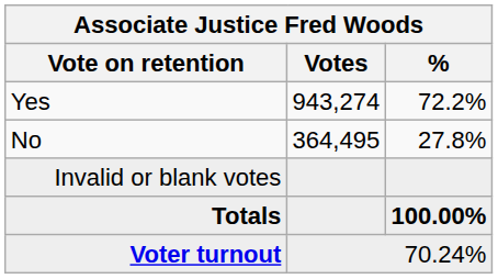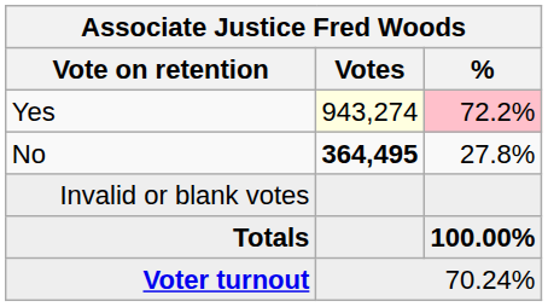 <table class="wikitable" style="font-size: 95%;">
 <tr style="background-color:#E9E9E9">
 <th colspan=7>Associate Justice Fred Woods</th>
 </tr>
 <tr style="background-color:#E9E9E9">
 <th style="width: 170px">Vote on retention</th>
 <th style="width: 50px">Votes</th>
 <th style="width: 40px">%</th>
 </tr>
 <tr>
 <td>Yes</td>
-<td align="right">943,274</td>
-<td align="right">72.2%</td>
+<td align="right" style="background: lightyellow;">943,274</td>
+<td align="right" style="background: pink;">72.2%</td>
 </tr>
 <tr>
 <td>No</td>
-<td align="right">364,495</td>
+<td align="right"><strong>364,495</strong></td>
 <td align="right">27.8%</td>
 </tr>
 <tr bgcolor="#EEEEEE">
 <td align="right">Invalid or blank votes</td>
 <td align="right"></td>
 <td align="right"></td>
 </tr>
 <tr bgcolor="#EEEEEE">
 <td align="right"><strong>Totals</strong></td>
 <td align="right"><strong></strong></td>
 <td align="right"><strong>100.00%</strong></td>
 </tr>
 <tr bgcolor="#EEEEEE">
 <td align="right"><strong><a href='#'>Voter turnout</a></strong></td>
 <td colspan="2" align="right">70.24%</td>
 </tr>
 </table>
